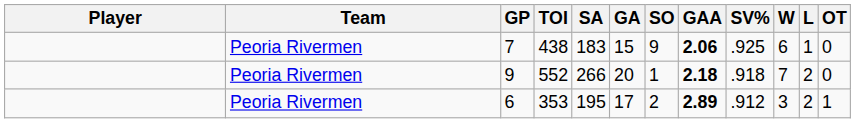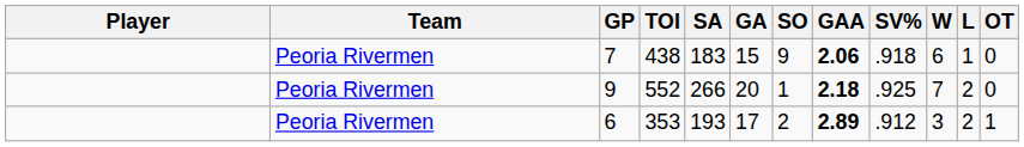 <table class="wikitable sortable">
 <tr>
 <th style="width:12em">Player</th>
 <th style="width:15em">Team</th>
 <th>GP</th>
 <th>TOI</th>
 <th>SA</th>
 <th>GA</th>
 <th>SO</th>
 <th>GAA</th>
 <th>SV%</th>
 <th>W</th>
 <th>L</th>
 <th>OT</th>
 </tr>
 <tr>
 <td></td>
 <td><a href='#'>Peoria Rivermen</a></td>
 <td>7</td>
 <td>438</td>
 <td>183</td>
 <td>15</td>
 <td>9</td>
 <td><strong>2.06</strong></td>
-<td>.925</td>
+<td>.918</td>
 <td>6</td>
 <td>1</td>
 <td>0</td>
 </tr>
 <tr>
 <td></td>
 <td><a href='#'>Peoria Rivermen</a></td>
 <td>9</td>
 <td>552</td>
 <td>266</td>
 <td>20</td>
 <td>1</td>
 <td><strong>2.18</strong></td>
-<td>.918</td>
+<td>.925</td>
 <td>7</td>
 <td>2</td>
 <td>0</td>
 </tr>
 <tr>
 <td></td>
 <td><a href='#'>Peoria Rivermen</a></td>
 <td>6</td>
 <td>353</td>
-<td>195</td>
+<td>193</td>
 <td>17</td>
 <td>2</td>
 <td><strong>2.89</strong></td>
 <td>.912</td>
 <td>3</td>
 <td>2</td>
 <td>1</td>
 </tr>
 </table>
